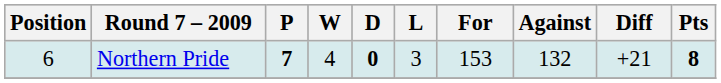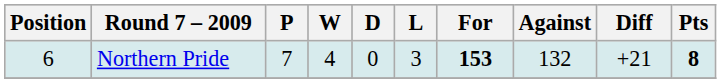 <table class="wikitable" style="text-align:center; font-size:85%;">
 <tr>
 <th width=40 abbr="Position">Position</th>
 <th width=100>Round 7 – 2009</th>
 <th width=20 abbr="Played">P</th>
 <th width=20 abbr="Won">W</th>
 <th width=20 abbr="Drawn">D</th>
 <th width=20 abbr="Lost">L</th>
 <th width=40 abbr="Points for">For</th>
 <th width=40 abbr="Points against">Against</th>
 <th width=40 abbr="Points difference">Diff</th>
 <th width=20 abbr="Points">Pts</th>
 </tr>
 <tr style="background: #d7ebed;">
 <td>6</td>
 <td style="text-align:left;"> <a href='#'>Northern Pride</a></td>
-<td><strong>7</strong></td>
+<td>7</td>
 <td>4</td>
-<td><strong>0</strong></td>
+<td>0</td>
 <td>3</td>
-<td>153</td>
+<td><strong>153</strong></td>
 <td>132</td>
 <td>+21</td>
 <td><strong>8</strong></td>
 </tr>
 <tr>
 </tr>
 </table>
